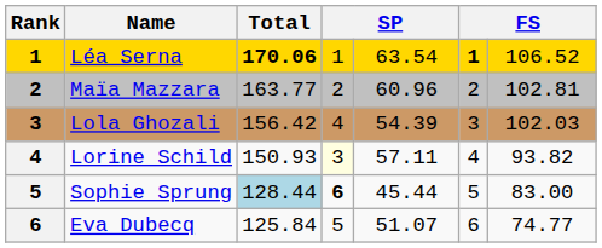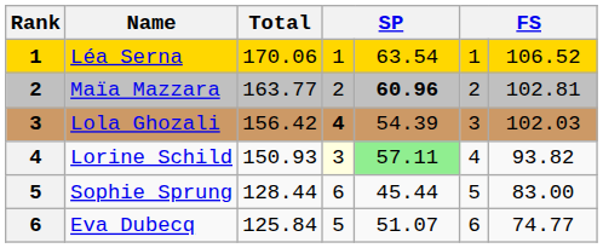 <table class="wikitable sortable">
 <tr>
 <th>Rank</th>
 <th>Name</th>
 <th>Total</th>
 <th colspan="2" width="80px"><a href='#'>SP</a></th>
 <th colspan="2" width="80px"><a href='#'>FS</a></th>
 </tr>
 <tr bgcolor="gold">
 <td align="center"><strong>1</strong></td>
 <td><a href='#'>Léa Serna</a></td>
-<td align="center"><strong>170.06</strong></td>
+<td align="center">170.06</td>
 <td align="center">1</td>
 <td align="center">63.54</td>
-<td align="center"><strong>1</strong></td>
+<td align="center">1</td>
 <td align="center">106.52</td>
 </tr>
 <tr bgcolor="silver">
 <td align="center"><strong>2</strong></td>
 <td><a href='#'>Maïa Mazzara</a></td>
 <td align="center">163.77</td>
 <td align="center">2</td>
-<td align="center">60.96</td>
+<td align="center"><strong>60.96</strong></td>
 <td align="center">2</td>
 <td align="center">102.81</td>
 </tr>
 <tr bgcolor="cc9966">
 <td align="center"><strong>3</strong></td>
 <td><a href='#'>Lola Ghozali</a></td>
 <td align="center">156.42</td>
-<td align="center">4</td>
+<td align="center"><strong>4</strong></td>
 <td align="center">54.39</td>
 <td align="center">3</td>
 <td align="center">102.03</td>
 </tr>
 <tr>
 <th>4</th>
 <td><a href='#'>Lorine Schild</a></td>
 <td align="center">150.93</td>
 <td align="center" style="background: lightyellow;">3</td>
-<td align="center">57.11</td>
+<td align="center" style="background: lightgreen;">57.11</td>
 <td align="center">4</td>
 <td align="center">93.82</td>
 </tr>
 <tr>
 <th>5</th>
 <td><a href='#'>Sophie Sprung</a></td>
-<td align="center" style="background: lightblue;">128.44</td>
-<td align="center"><strong>6</strong></td>
+<td align="center">128.44</td>
+<td align="center">6</td>
 <td align="center">45.44</td>
 <td align="center">5</td>
 <td align="center">83.00</td>
 </tr>
 <tr>
 <th>6</th>
 <td><a href='#'>Eva Dubecq</a></td>
 <td align="center">125.84</td>
 <td align="center">5</td>
 <td align="center">51.07</td>
 <td align="center">6</td>
 <td align="center">74.77</td>
 </tr>
 </table>
